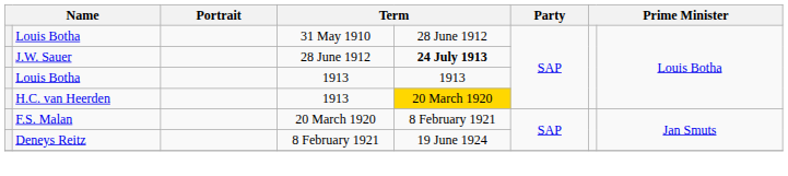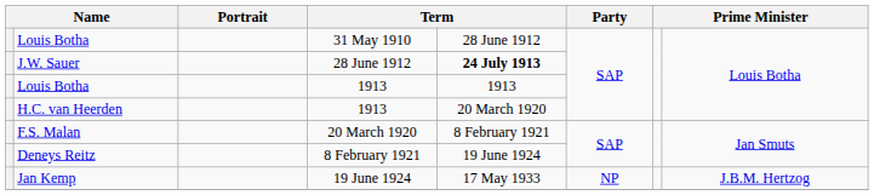 <table class="wikitable" width=60%>
 <tr>
 <th colspan=2 width=20%>Name</th>
 <th width=75>Portrait</th>
 <th colspan=2 width=30%>Term</th>
 <th width=10%>Party</th>
 <th colspan=2 width=25%>Prime Minister</th>
 </tr>
 <tr style="text-align:center">
 <th style="width:1%;background-color: "></th>
 <td align=left><a href='#'>Louis Botha</a></td>
 <td></td>
 <td>31 May 1910</td>
 <td>28 June 1912</td>
 <td rowspan=4><a href='#'>SAP</a></td>
 <td rowspan=4 style="width:1%;background-color: "></td>
 <td rowspan=4><a href='#'>Louis Botha</a><br></td>
 </tr>
 <tr style="text-align:center">
 <th style="width:1%;background-color: "></th>
 <td align=left><a href='#'>J.W. Sauer</a></td>
 <td></td>
 <td>28 June 1912</td>
 <td><strong>24 July 1913</strong></td>
 </tr>
 <tr style="text-align:center">
 <th style="width:1%;background-color: "></th>
 <td align=left><a href='#'>Louis Botha</a></td>
 <td></td>
 <td>1913</td>
 <td>1913</td>
 </tr>
 <tr style="text-align:center">
 <th style="width:1%;background-color: "></th>
 <td align=left><a href='#'>H.C. van Heerden</a></td>
 <td></td>
 <td>1913</td>
-<td style="background: gold;">20 March 1920</td>
+<td>20 March 1920</td>
 </tr>
 <tr style="text-align:center">
 <th style="width:1%;background-color: "></th>
 <td align=left><a href='#'>F.S. Malan</a></td>
 <td align=center></td>
 <td>20 March 1920</td>
 <td>8 February 1921</td>
 <td rowspan=2><a href='#'>SAP</a></td>
 <td rowspan=2 style="width:1%;background-color: "></td>
 <td rowspan=2><a href='#'>Jan Smuts</a> <br></td>
 </tr>
 <tr style="text-align:center">
 <th style="width:1%;background-color: "></th>
 <td align=left><a href='#'>Deneys Reitz</a></td>
 <td></td>
 <td>8 February 1921</td>
 <td>19 June 1924</td>
 </tr>
+<tr style="text-align:center">
+<th style="width:1%;background-color: "></th>
+<td align=left><a href='#'>Jan Kemp</a></td>
+<td></td>
+<td>19 June 1924</td>
+<td>17 May 1933</td>
+<td><a href='#'>NP</a></td>
+<td style="width:1%;background-color: "></td>
+<td><a href='#'>J.B.M. Hertzog</a><br> </td>
+</tr>
 <tr>
 </tr>
 </table>
